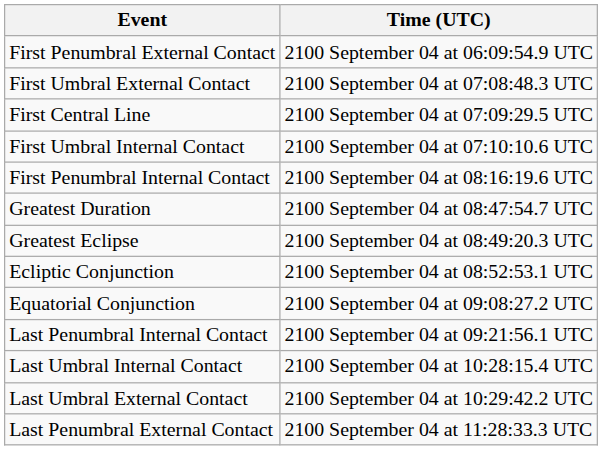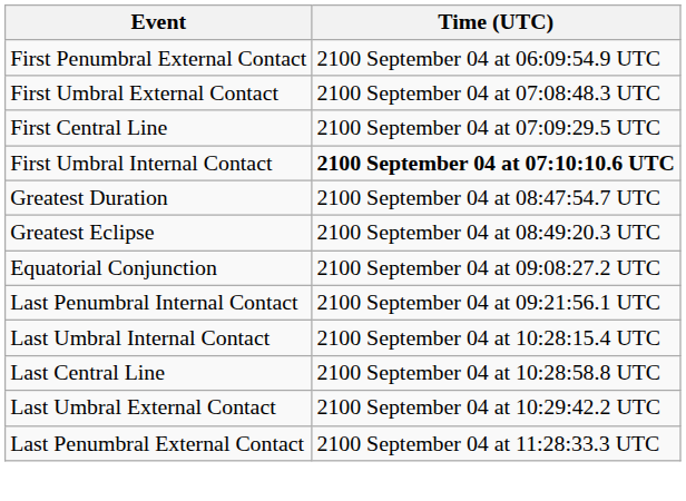 <table class="wikitable">
 <tr>
 <th>Event</th>
 <th>Time (UTC)</th>
 </tr>
 <tr>
 <td>First Penumbral External Contact</td>
 <td>2100 September 04 at 06:09:54.9 UTC</td>
 </tr>
 <tr>
 <td>First Umbral External Contact</td>
 <td>2100 September 04 at 07:08:48.3 UTC</td>
 </tr>
 <tr>
 <td>First Central Line</td>
 <td>2100 September 04 at 07:09:29.5 UTC</td>
 </tr>
 <tr>
 <td>First Umbral Internal Contact</td>
-<td>2100 September 04 at 07:10:10.6 UTC</td>
-</tr>
-<tr>
-<td>First Penumbral Internal Contact</td>
-<td>2100 September 04 at 08:16:19.6 UTC</td>
+<td><strong>2100 September 04 at 07:10:10.6 UTC</strong></td>
 </tr>
 <tr>
 <td>Greatest Duration</td>
 <td>2100 September 04 at 08:47:54.7 UTC</td>
 </tr>
 <tr>
 <td>Greatest Eclipse</td>
 <td>2100 September 04 at 08:49:20.3 UTC</td>
-</tr>
-<tr>
-<td>Ecliptic Conjunction</td>
-<td>2100 September 04 at 08:52:53.1 UTC</td>
 </tr>
 <tr>
 <td>Equatorial Conjunction</td>
 <td>2100 September 04 at 09:08:27.2 UTC</td>
 </tr>
 <tr>
 <td>Last Penumbral Internal Contact</td>
 <td>2100 September 04 at 09:21:56.1 UTC</td>
 </tr>
 <tr>
 <td>Last Umbral Internal Contact</td>
 <td>2100 September 04 at 10:28:15.4 UTC</td>
 </tr>
 <tr>
+<td>Last Central Line</td>
+<td>2100 September 04 at 10:28:58.8 UTC</td>
+</tr>
+<tr>
 <td>Last Umbral External Contact</td>
 <td>2100 September 04 at 10:29:42.2 UTC</td>
 </tr>
 <tr>
 <td>Last Penumbral External Contact</td>
 <td>2100 September 04 at 11:28:33.3 UTC</td>
 </tr>
 </table>
